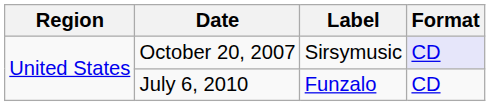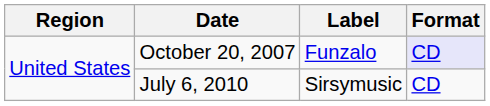 <table class="wikitable">
 <tr>
 <th>Region</th>
 <th>Date</th>
 <th>Label</th>
 <th>Format</th>
 </tr>
 <tr>
 <td rowspan="2"><a href='#'>United States</a></td>
 <td>October 20, 2007</td>
-<td>Sirsymusic</td>
+<td><a href='#'>Funzalo</a></td>
 <td style="background: lavender;"><a href='#'>CD</a></td>
 </tr>
 <tr>
 <td>July 6, 2010</td>
-<td><a href='#'>Funzalo</a></td>
+<td>Sirsymusic</td>
 <td><a href='#'>CD</a></td>
 </tr>
 </table>
